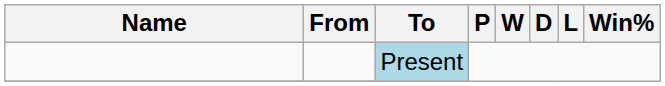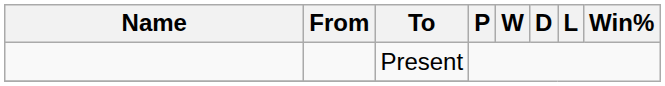 <table class="wikitable sortable" style="text-align: center;">
 <tr>
 <th style="width:12em">Name</th>
 <th>From</th>
 <th>To</th>
 <th>P</th>
 <th>W</th>
 <th>D</th>
 <th>L</th>
 <th>Win%</th>
 </tr>
 <tr>
 <td align=left></td>
 <td></td>
-<td style="background: lightblue;">Present<br></td>
+<td>Present<br></td>
 </tr>
 <tr>
 </tr>
 </table>
